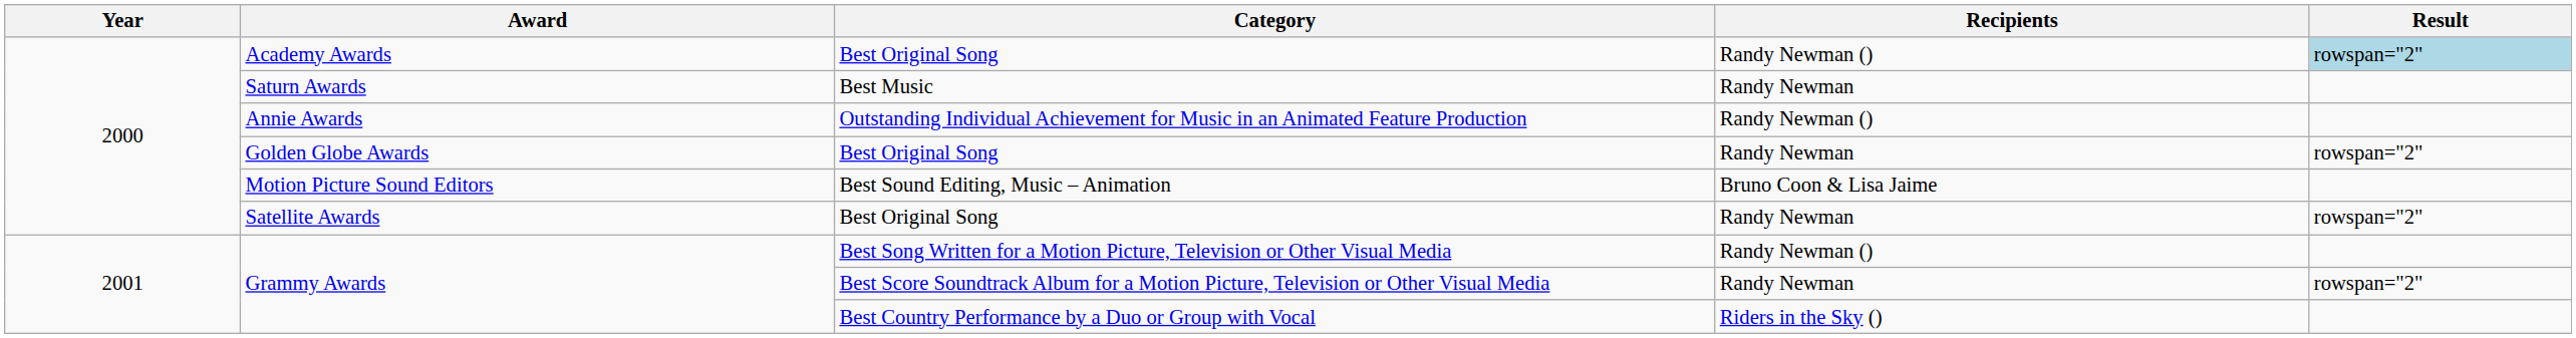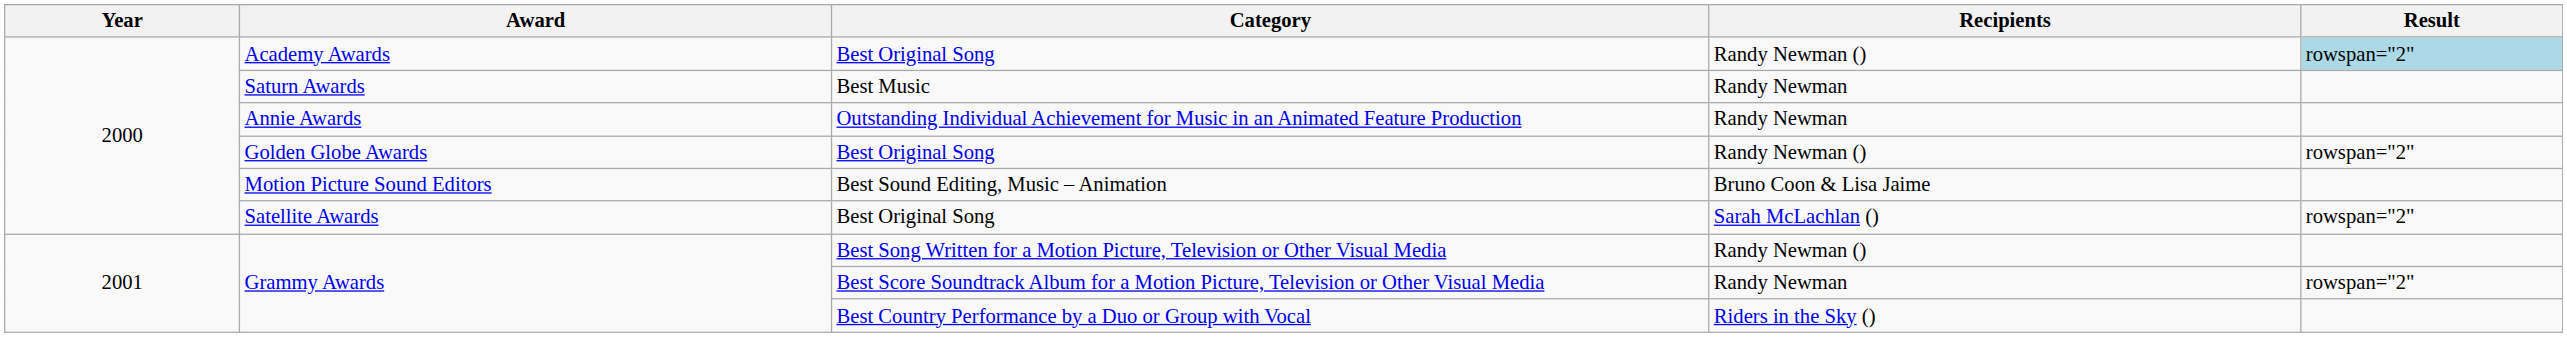 <table class="wikitable sortable" style="width:100%;">
 <tr>
 <th style="width:075px;"><strong>Year</strong></th>
 <th style="width:200px;"><strong>Award</strong></th>
 <th style="width:300px;"><strong>Category</strong></th>
 <th style="width:200px;"><strong>Recipients</strong></th>
 <th width="80"><strong>Result</strong></th>
 </tr>
 <tr>
 <td rowspan="6" align="center">2000</td>
 <td><a href='#'>Academy Awards</a></td>
 <td><a href='#'>Best Original Song</a></td>
 <td>Randy Newman ()</td>
 <td style="background: lightblue;">rowspan="2" </td>
 </tr>
 <tr>
 <td><a href='#'>Saturn Awards</a></td>
 <td>Best Music</td>
 <td>Randy Newman</td>
 </tr>
 <tr>
 <td><a href='#'>Annie Awards</a></td>
 <td><a href='#'>Outstanding Individual Achievement for Music in an Animated Feature Production</a></td>
-<td>Randy Newman ()</td>
+<td>Randy Newman</td>
 <td></td>
 </tr>
 <tr>
 <td><a href='#'>Golden Globe Awards</a></td>
 <td><a href='#'>Best Original Song</a></td>
-<td>Randy Newman</td>
+<td>Randy Newman ()</td>
 <td>rowspan="2" </td>
 </tr>
 <tr>
 <td><a href='#'>Motion Picture Sound Editors</a></td>
 <td>Best Sound Editing, Music – Animation</td>
 <td>Bruno Coon & Lisa Jaime</td>
 </tr>
 <tr>
 <td><a href='#'>Satellite Awards</a></td>
 <td>Best Original Song</td>
-<td>Randy Newman</td>
+<td><a href='#'>Sarah McLachlan</a> ()</td>
 <td>rowspan="2" </td>
 </tr>
 <tr>
 <td rowspan="3" align="center">2001</td>
 <td rowspan="3"><a href='#'>Grammy Awards</a></td>
 <td><a href='#'>Best Song Written for a Motion Picture, Television or Other Visual Media</a></td>
 <td>Randy Newman ()</td>
 </tr>
 <tr>
 <td><a href='#'>Best Score Soundtrack Album for a Motion Picture, Television or Other Visual Media</a></td>
 <td>Randy Newman</td>
 <td>rowspan="2" </td>
 </tr>
 <tr>
 <td><a href='#'>Best Country Performance by a Duo or Group with Vocal</a></td>
 <td><a href='#'>Riders in the Sky</a> ()</td>
 </tr>
 </table>
